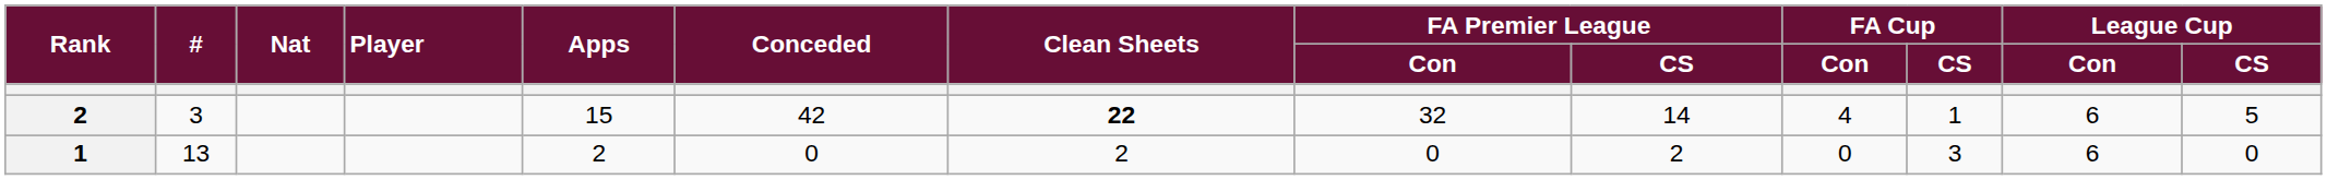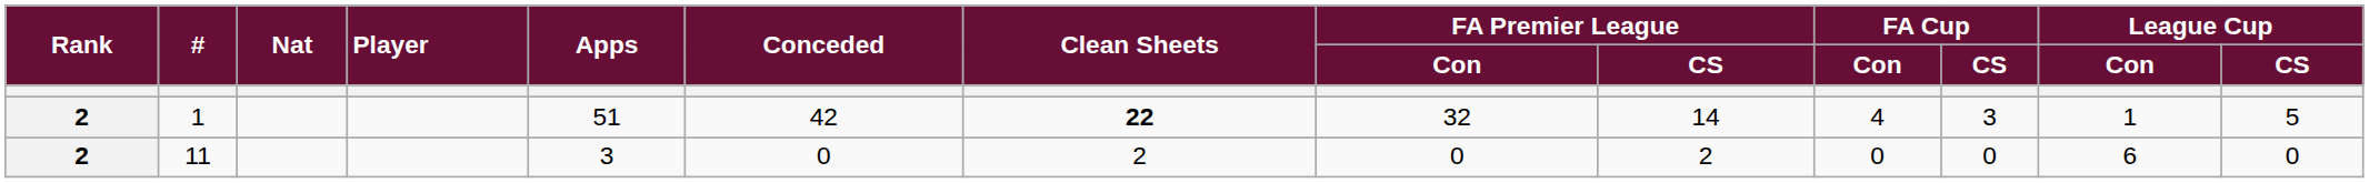 <table class="wikitable sortable" style="text-align:center; font-size:84.5%; width:100%;">
 <tr>
 <th rowspan="2"; style="background:#670E36; color:#FFFFFF; text-align:center;">Rank</th>
 <th rowspan="2"; style="background:#670E36; color:#FFFFFF; text-align:center;">#</th>
 <th rowspan="2"; style="background:#670E36; color:#FFFFFF; text-align:center;">Nat</th>
 <th rowspan="2"; style="background:#670E36; color:#FFFFFF; text-align:left;">Player</th>
 <th rowspan="2"; style="background:#670E36; color:#FFFFFF; text-align:center;">Apps</th>
 <th rowspan="2"; style="background:#670E36; color:#FFFFFF; text-align:center;">Conceded</th>
 <th rowspan="2"; style="background:#670E36; color:#FFFFFF; text-align:center;">Clean Sheets</th>
 <th colspan="2"; style="background:#670E36; color:#FFFFFF; text-align:center;">FA Premier League</th>
 <th colspan="2"; style="background:#670E36; color:#FFFFFF; text-align:center;">FA Cup</th>
 <th colspan="2"; style="background:#670E36; color:#FFFFFF; text-align:center;">League Cup</th>
 </tr>
 <tr>
 <th style="background:#670E36; color:#FFFFFF; text-align:center;">Con</th>
 <th style="background:#670E36; color:#FFFFFF; text-align:center;">CS</th>
 <th style="background:#670E36; color:#FFFFFF; text-align:center;">Con</th>
 <th style="background:#670E36; color:#FFFFFF; text-align:center;">CS</th>
 <th style="background:#670E36; color:#FFFFFF; text-align:center;">Con</th>
 <th style="background:#670E36; color:#FFFFFF; text-align:center;">CS</th>
 </tr>
 <tr>
 <th></th>
 <th></th>
 <th></th>
 <th></th>
 <th></th>
 <th></th>
 <th></th>
 <th></th>
 <th></th>
 <th></th>
 <th></th>
 <th></th>
 <th></th>
 </tr>
 <tr>
 <th>2</th>
-<td>3</td>
+<td>1</td>
 <td></td>
 <td style="text-align:left;"></td>
-<td>15</td>
+<td>51</td>
 <td>42</td>
 <td><strong>22</strong></td>
 <td>32</td>
 <td>14</td>
 <td>4</td>
+<td>3</td>
 <td>1</td>
-<td>6</td>
 <td>5</td>
 </tr>
 <tr>
-<th>1</th>
-<td>13</td>
+<th>2</th>
+<td>11</td>
 <td></td>
 <td style="text-align:left;"></td>
-<td>2</td>
+<td>3</td>
 <td>0</td>
 <td>2</td>
 <td>0</td>
 <td>2</td>
 <td>0</td>
-<td>3</td>
+<td>0</td>
 <td>6</td>
 <td>0</td>
 </tr>
 </table>
